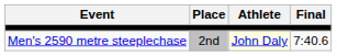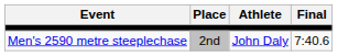 <table class=wikitable>
 <tr>
 <th>Event</th>
 <th>Place</th>
 <th>Athlete</th>
 <th>Final</th>
 </tr>
 <tr bgcolor=black>
 <td colspan=4></td>
 </tr>
 <tr align=center>
 <td><a href='#'>Men's 2590 metre steeplechase</a></td>
 <td bgcolor=silver>2nd</td>
-<td align=left style="background: lightyellow;"><a href='#'>John Daly</a></td>
+<td align=left><a href='#'>John Daly</a></td>
 <td>7:40.6</td>
 </tr>
 </table>
